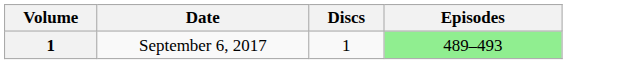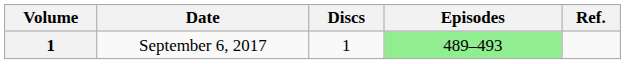 <table class="wikitable" style="text-align:center;">
 <tr>
 <th scope="col" style="width:5em;">Volume</th>
 <th scope="col" style="width:12em;">Date</th>
 <th scope="col" style="width:4em;">Discs</th>
 <th scope="col" style="width:10em;">Episodes</th>
+<th scope="col" style="width:3em;">Ref.</th>
 </tr>
 <tr>
 <th scope="row">1</th>
 <td>September 6, 2017</td>
 <td>1</td>
 <td style="background: lightgreen;">489–493</td>
+<td></td>
 </tr>
 </table>
